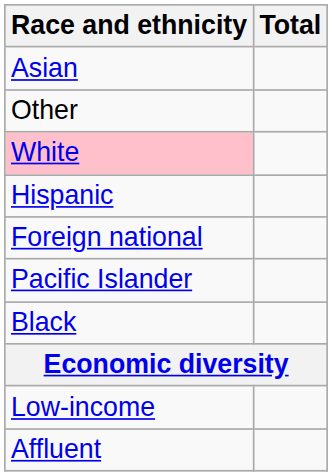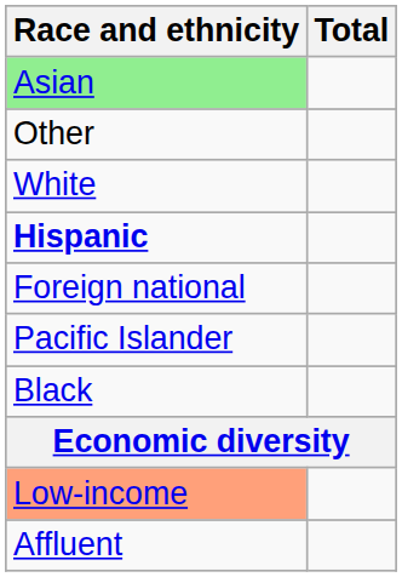 <table class="wikitable floatright sortable collapsible"; text-align:right; font-size:80%;">
 <tr>
 <th>Race and ethnicity</th>
 <th colspan="2" data-sort-type=number>Total</th>
 </tr>
 <tr>
-<td><a href='#'>Asian</a></td>
+<td style="background: lightgreen;"><a href='#'>Asian</a></td>
 <td align=right></td>
 </tr>
 <tr>
 <td>Other</td>
 <td align=right></td>
 </tr>
 <tr>
-<td style="background: pink;"><a href='#'>White</a></td>
+<td><a href='#'>White</a></td>
 <td align=right></td>
 </tr>
 <tr>
-<td><a href='#'>Hispanic</a></td>
+<td><strong><a href='#'>Hispanic</a></strong></td>
 <td align=right></td>
 </tr>
 <tr>
 <td><a href='#'>Foreign national</a></td>
 <td align=right></td>
 </tr>
 <tr>
 <td><a href='#'>Pacific Islander</a></td>
 <td align=right></td>
 </tr>
 <tr>
 <td><a href='#'>Black</a></td>
 <td align=right></td>
 </tr>
 <tr>
 <th colspan="4" data-sort-type=number><a href='#'>Economic diversity</a></th>
 </tr>
 <tr>
-<td><a href='#'>Low-income</a></td>
+<td style="background: lightsalmon;"><a href='#'>Low-income</a></td>
 <td align=right></td>
 </tr>
 <tr>
 <td><a href='#'>Affluent</a></td>
 <td align=right></td>
 </tr>
 </table>
